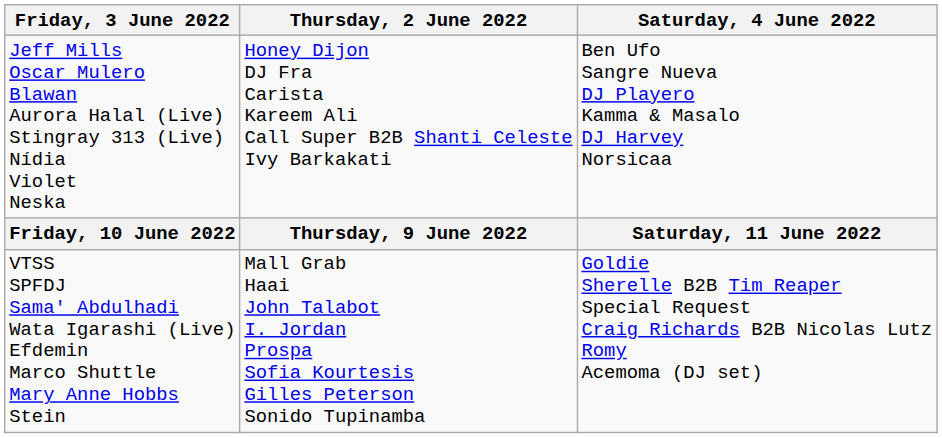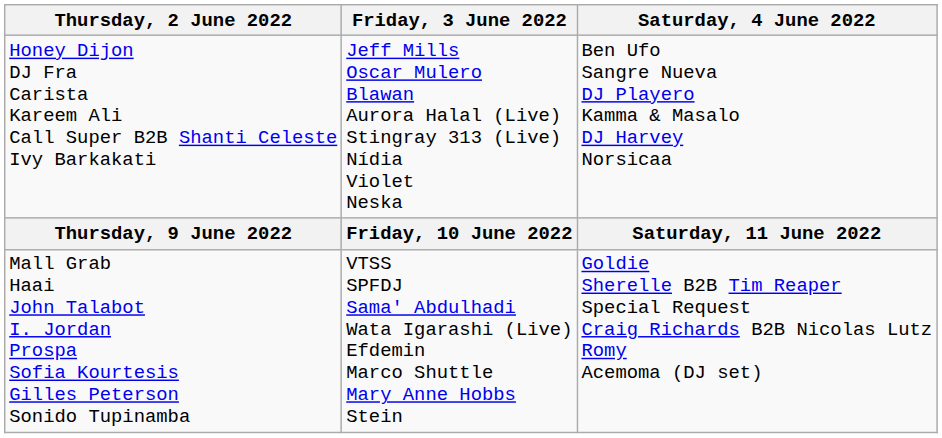 <table class="wikitable">
 <tr>
+<th>Thursday, 2 June 2022</th>
 <th>Friday, 3 June 2022</th>
-<th>Thursday, 2 June 2022</th>
 <th>Saturday, 4 June 2022</th>
 </tr>
 <tr valign="top">
+<td><a href='#'>Honey Dijon</a><br>DJ Fra<br>Carista<br>Kareem Ali<br>Call Super B2B <a href='#'>Shanti Celeste</a><br>Ivy Barkakati</td>
 <td><a href='#'>Jeff Mills</a><br><a href='#'>Oscar Mulero</a><br><a href='#'>Blawan</a><br>Aurora Halal (Live)<br>Stingray 313 (Live)<br>Nídia<br>Violet<br>Neska</td>
-<td><a href='#'>Honey Dijon</a><br>DJ Fra<br>Carista<br>Kareem Ali<br>Call Super B2B <a href='#'>Shanti Celeste</a><br>Ivy Barkakati</td>
 <td>Ben Ufo<br>Sangre Nueva<br><a href='#'>DJ Playero</a><br>Kamma & Masalo<br><a href='#'>DJ Harvey</a><br>Norsicaa</td>
 </tr>
 <tr>
+<th>Thursday, 9 June 2022</th>
 <th>Friday, 10 June 2022</th>
-<th>Thursday, 9 June 2022</th>
 <th>Saturday, 11 June 2022</th>
 </tr>
 <tr valign="top">
+<td>Mall Grab<br>Haai<br><a href='#'>John Talabot</a><br><a href='#'>I. Jordan</a><br><a href='#'>Prospa</a><br><a href='#'>Sofia Kourtesis</a><br><a href='#'>Gilles Peterson</a><br>Sonido Tupinamba</td>
 <td>VTSS<br>SPFDJ<br><a href='#'>Sama' Abdulhadi</a><br>Wata Igarashi (Live)<br>Efdemin<br>Marco Shuttle<br><a href='#'>Mary Anne Hobbs</a><br>Stein</td>
-<td>Mall Grab<br>Haai<br><a href='#'>John Talabot</a><br><a href='#'>I. Jordan</a><br><a href='#'>Prospa</a><br><a href='#'>Sofia Kourtesis</a><br><a href='#'>Gilles Peterson</a><br>Sonido Tupinamba</td>
 <td><a href='#'>Goldie</a><br><a href='#'>Sherelle</a> B2B <a href='#'>Tim Reaper</a><br>Special Request<br><a href='#'>Craig Richards</a> B2B Nicolas Lutz<br><a href='#'>Romy</a><br>Acemoma (DJ set)</td>
 </tr>
 </table>
